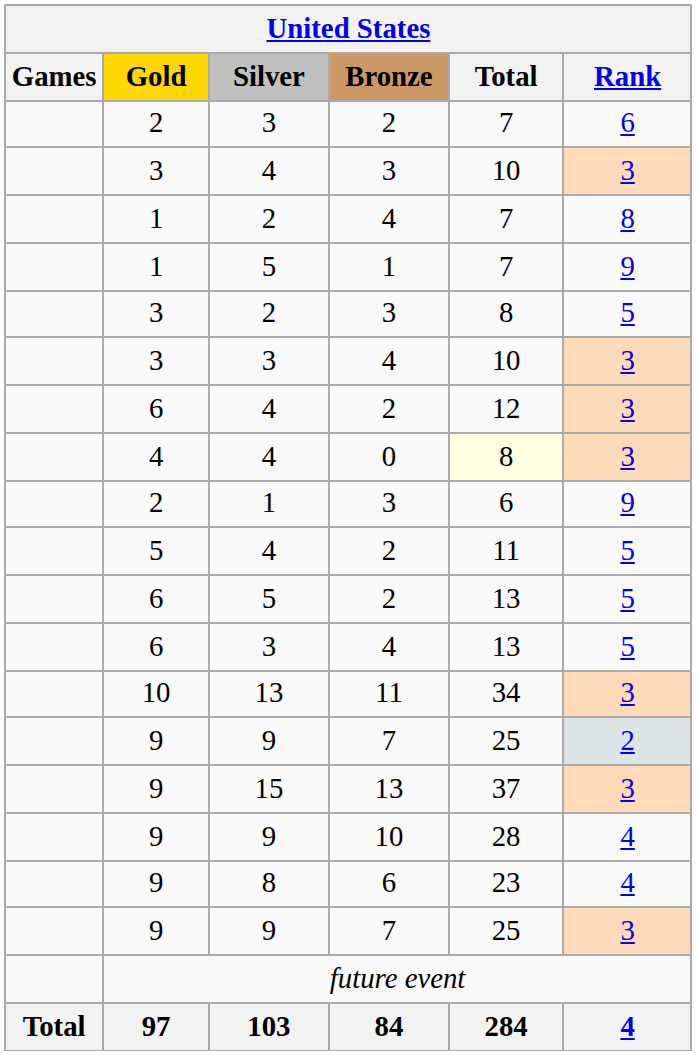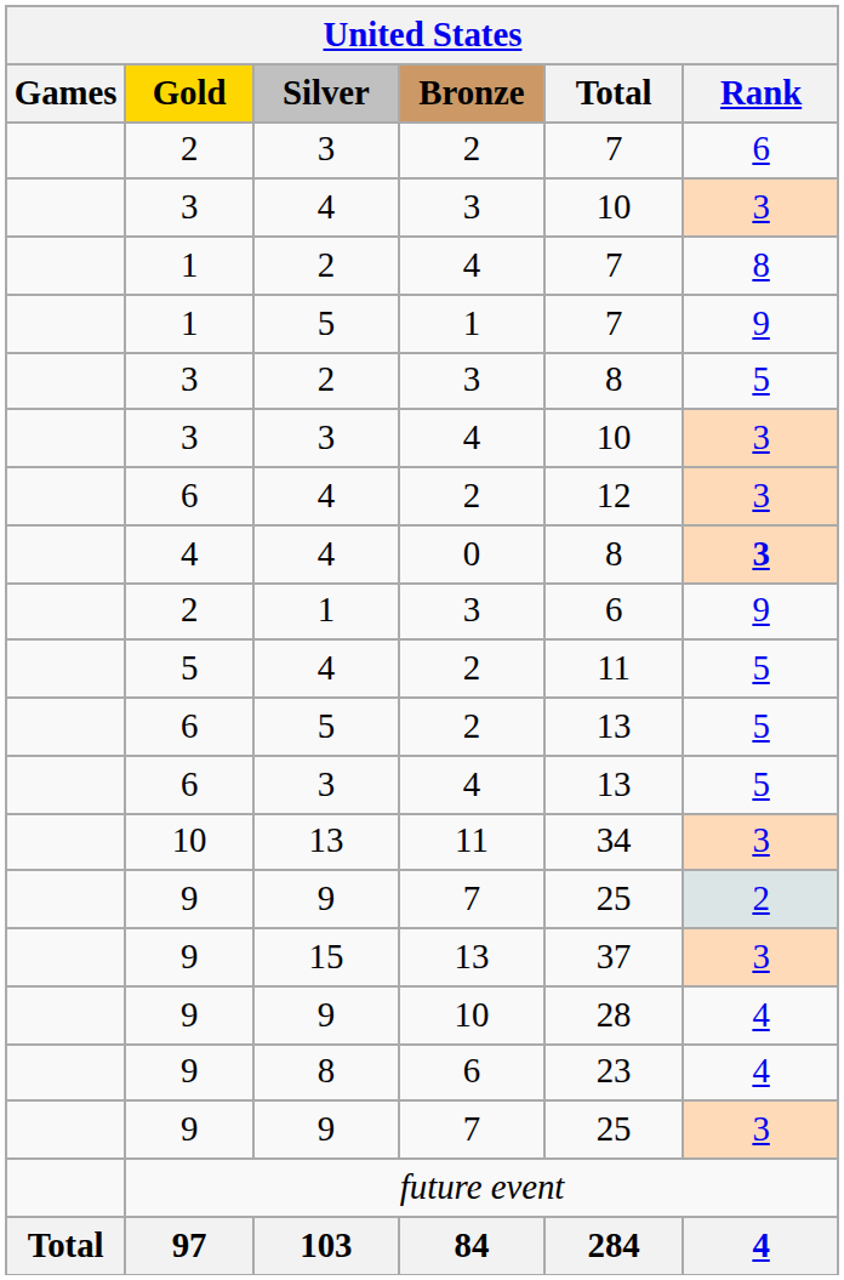 <table class="wikitable" style="text-align:center; font-size:90%;">
 <tr>
 <th colspan=8> <a href='#'>United States</a></th>
 </tr>
 <tr>
 <th>Games</th>
 <td style="background:gold; width:3.2em; font-weight:bold;">Gold</td>
 <td style="background:silver; width:3.7em; font-weight:bold;">Silver</td>
 <td style="background:#c96; width:3.7em; font-weight:bold;">Bronze</td>
 <th style="width:3.5em; font-weight:bold;">Total</th>
 <th style="width:4em; font-weight:bold;"><a href='#'>Rank</a></th>
 </tr>
 <tr>
 <td align=left></td>
 <td>2</td>
 <td>3</td>
 <td>2</td>
 <td>7</td>
 <td><a href='#'>6</a></td>
 </tr>
 <tr>
 <td align=left></td>
 <td>3</td>
 <td>4</td>
 <td>3</td>
 <td>10</td>
 <td style="background:#ffdab9;"><a href='#'>3</a></td>
 </tr>
 <tr>
 <td align=left></td>
 <td>1</td>
 <td>2</td>
 <td>4</td>
 <td>7</td>
 <td><a href='#'>8</a></td>
 </tr>
 <tr>
 <td align=left></td>
 <td>1</td>
 <td>5</td>
 <td>1</td>
 <td>7</td>
 <td><a href='#'>9</a></td>
 </tr>
 <tr>
 <td align=left></td>
 <td>3</td>
 <td>2</td>
 <td>3</td>
 <td>8</td>
 <td><a href='#'>5</a></td>
 </tr>
 <tr>
 <td align=left></td>
 <td>3</td>
 <td>3</td>
 <td>4</td>
 <td>10</td>
 <td style="background:#ffdab9;"><a href='#'>3</a></td>
 </tr>
 <tr>
 <td align=left></td>
 <td>6</td>
 <td>4</td>
 <td>2</td>
 <td>12</td>
 <td style="background:#ffdab9;"><a href='#'>3</a></td>
 </tr>
 <tr>
 <td align=left></td>
 <td>4</td>
 <td>4</td>
 <td>0</td>
-<td style="background: lightyellow;">8</td>
-<td style="background:#ffdab9;"><a href='#'>3</a></td>
+<td>8</td>
+<td style="background:#ffdab9;"><strong><a href='#'>3</a></strong></td>
 </tr>
 <tr>
 <td align=left></td>
 <td>2</td>
 <td>1</td>
 <td>3</td>
 <td>6</td>
 <td><a href='#'>9</a></td>
 </tr>
 <tr>
 <td align=left></td>
 <td>5</td>
 <td>4</td>
 <td>2</td>
 <td>11</td>
 <td><a href='#'>5</a></td>
 </tr>
 <tr>
 <td align=left></td>
 <td>6</td>
 <td>5</td>
 <td>2</td>
 <td>13</td>
 <td><a href='#'>5</a></td>
 </tr>
 <tr>
 <td align=left></td>
 <td>6</td>
 <td>3</td>
 <td>4</td>
 <td>13</td>
 <td><a href='#'>5</a></td>
 </tr>
 <tr>
 <td align=left></td>
 <td>10</td>
 <td>13</td>
 <td>11</td>
 <td>34</td>
 <td style="background:#ffdab9;"><a href='#'>3</a></td>
 </tr>
 <tr>
 <td align=left></td>
 <td>9</td>
 <td>9</td>
 <td>7</td>
 <td>25</td>
 <td style="background:#dce5e5;"><a href='#'>2</a></td>
 </tr>
 <tr>
 <td align=left></td>
 <td>9</td>
 <td>15</td>
 <td>13</td>
 <td>37</td>
 <td style="background:#ffdab9;"><a href='#'>3</a></td>
 </tr>
 <tr>
 <td align=left></td>
 <td>9</td>
 <td>9</td>
 <td>10</td>
 <td>28</td>
 <td><a href='#'>4</a></td>
 </tr>
 <tr>
 <td align=left></td>
 <td>9</td>
 <td>8</td>
 <td>6</td>
 <td>23</td>
 <td><a href='#'>4</a></td>
 </tr>
 <tr>
 <td align=left></td>
 <td>9</td>
 <td>9</td>
 <td>7</td>
 <td>25</td>
 <td style="background:#ffdab9;"><a href='#'>3</a></td>
 </tr>
 <tr>
 <td align=left></td>
 <td colspan=8><em>future event</em></td>
 </tr>
 <tr>
 <th>Total</th>
 <th>97</th>
 <th>103</th>
 <th>84</th>
 <th>284</th>
 <th><a href='#'>4</a></th>
 </tr>
 </table>
